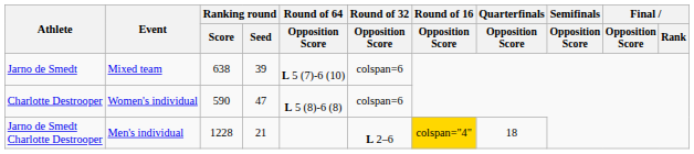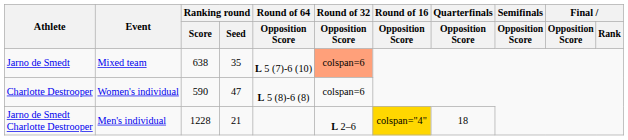 <table class="wikitable" style="text-align:center; font-size:90%">
 <tr>
 <th rowspan="2">Athlete</th>
 <th rowspan="2">Event</th>
 <th colspan="2">Ranking round</th>
 <th>Round of 64</th>
 <th>Round of 32</th>
 <th>Round of 16</th>
 <th>Quarterfinals</th>
 <th>Semifinals</th>
 <th colspan="2">Final / </th>
 </tr>
 <tr style="font-size:95%">
 <th>Score</th>
 <th>Seed</th>
 <th>Opposition<br>Score</th>
 <th>Opposition<br>Score</th>
 <th>Opposition<br>Score</th>
 <th>Opposition<br>Score</th>
 <th>Opposition<br>Score</th>
 <th>Opposition<br>Score</th>
 <th>Rank</th>
 </tr>
 <tr>
 <td align="left"><a href='#'>Jarno de Smedt</a></td>
 <td align="left"><a href='#'>Mixed team</a></td>
 <td>638</td>
-<td>39</td>
+<td>35</td>
 <td><br><strong>L</strong> 5 (7)-6 (10)</td>
-<td>colspan=6 </td>
+<td style="background: lightsalmon;">colspan=6 </td>
 </tr>
 <tr>
 <td align="left"><a href='#'>Charlotte Destrooper</a></td>
 <td align="left"><a href='#'>Women's individual</a></td>
 <td>590</td>
 <td>47</td>
 <td><br><strong>L</strong> 5 (8)-6 (8)</td>
 <td>colspan=6 </td>
 </tr>
 <tr>
 <td align="left"><a href='#'>Jarno de Smedt</a><br><a href='#'>Charlotte Destrooper</a></td>
 <td align="left"><a href='#'>Men's individual</a></td>
 <td>1228</td>
 <td>21</td>
 <td></td>
 <td><br><strong>L</strong> 2–6</td>
 <td style="background: gold;">colspan="4" </td>
 <td>18</td>
 </tr>
 </table>
